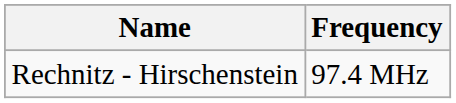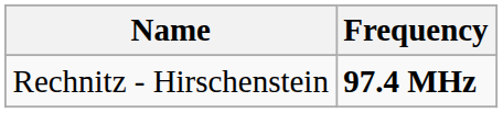 <table class="wikitable">
 <tr>
 <th class="hintergrundfarbe5">Name</th>
 <th class="hintergrundfarbe5">Frequency</th>
 </tr>
 <tr>
 <td>Rechnitz - Hirschenstein</td>
-<td>97.4 MHz</td>
+<td><strong>97.4 MHz</strong></td>
 </tr>
 </table>
